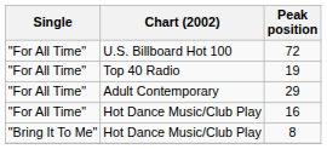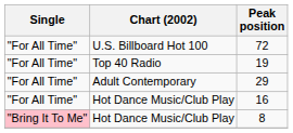 <table class="wikitable">
 <tr>
 <th align="left">Single</th>
 <th align="left">Chart (2002)</th>
 <th align="center">Peak<br>position</th>
 </tr>
 <tr>
 <td align="left">"For All Time"</td>
 <td align="left">U.S. Billboard Hot 100</td>
 <td align="center">72</td>
 </tr>
 <tr>
 <td align="left">"For All Time"</td>
 <td align="left">Top 40 Radio</td>
 <td align="center">19</td>
 </tr>
 <tr>
 <td align="left">"For All Time"</td>
 <td align="left">Adult Contemporary</td>
 <td align="center">29</td>
 </tr>
 <tr>
 <td align="left">"For All Time"</td>
 <td align="left">Hot Dance Music/Club Play</td>
 <td align="center">16</td>
 </tr>
 <tr>
-<td align="left">"Bring It To Me"</td>
+<td align="left" style="background: pink;">"Bring It To Me"</td>
 <td align="left">Hot Dance Music/Club Play</td>
 <td align="center">8</td>
 </tr>
 <tr>
 </tr>
 </table>
